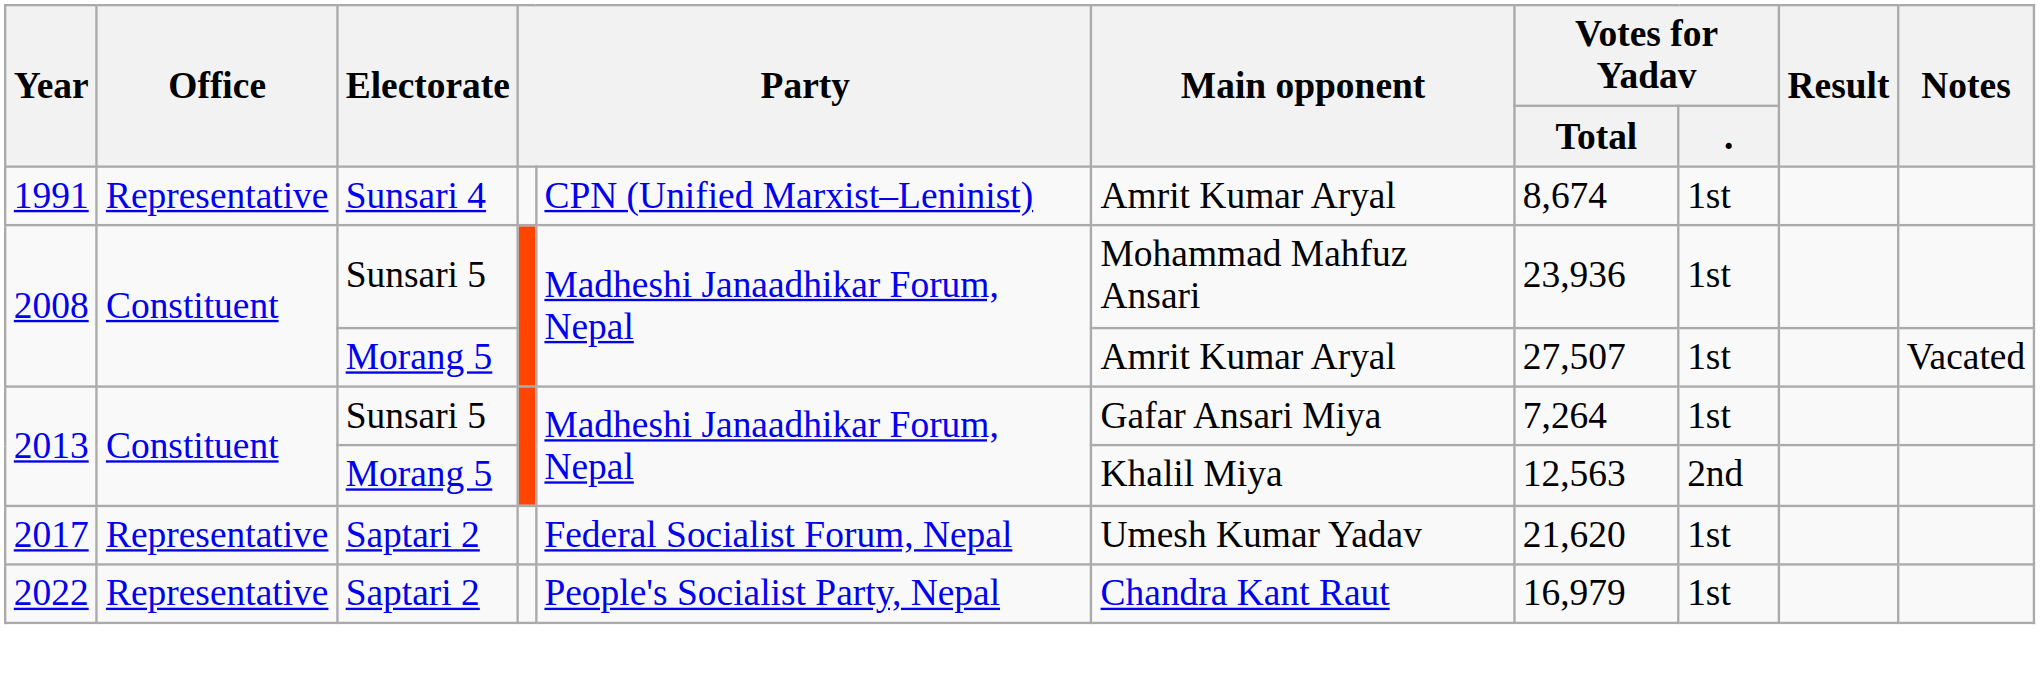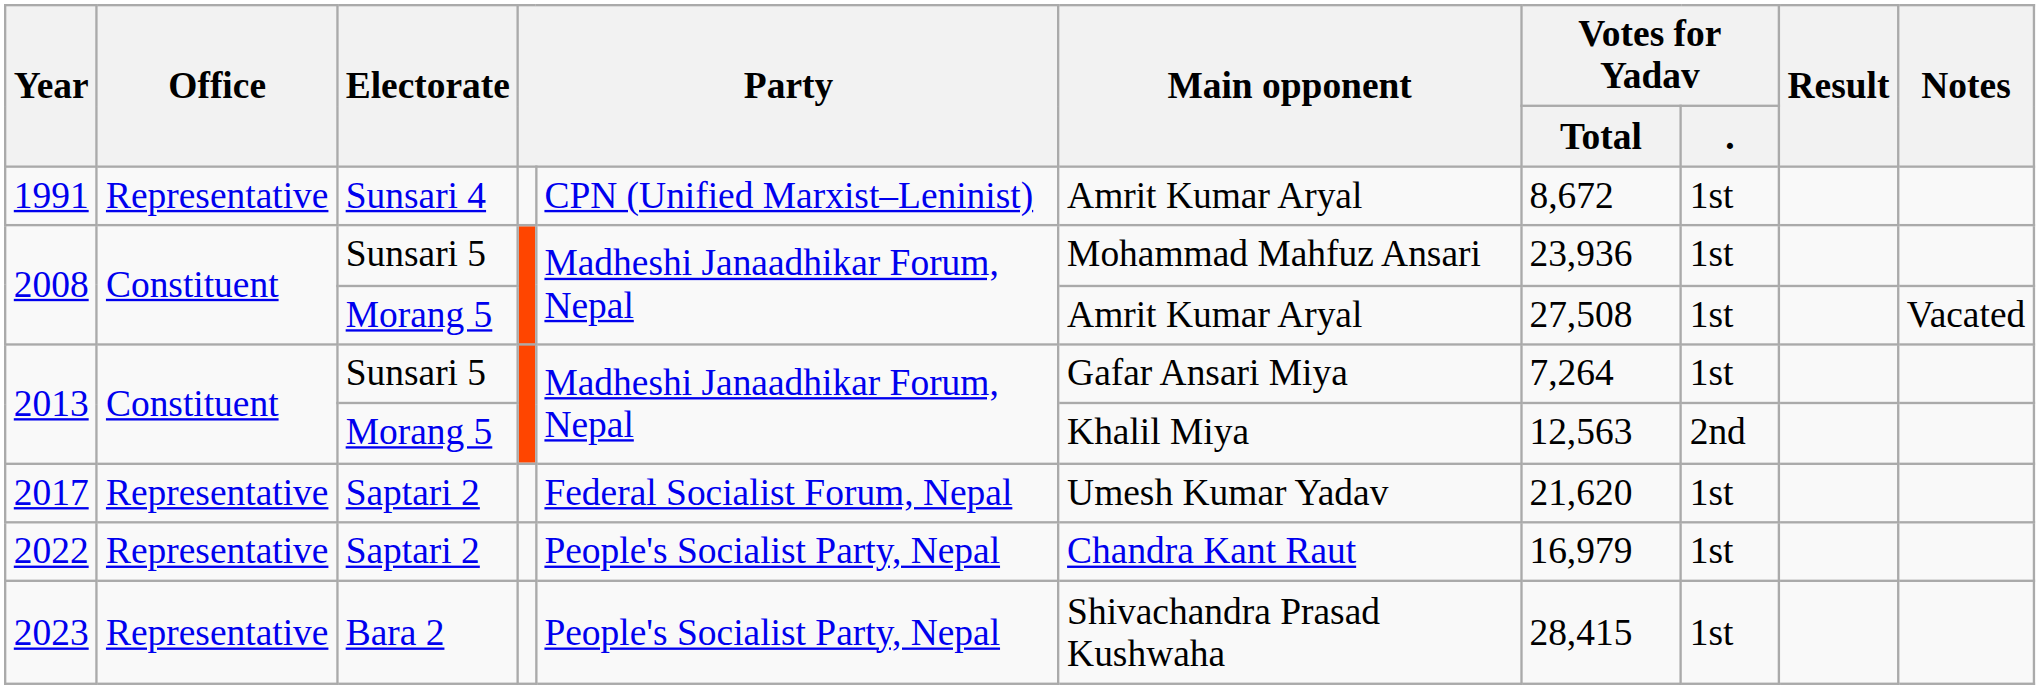 <table class="wikitable">
 <tr>
 <th rowspan="2">Year</th>
 <th rowspan="2">Office</th>
 <th rowspan="2">Electorate</th>
 <th colspan="2" rowspan="2">Party</th>
 <th rowspan="2">Main opponent</th>
 <th colspan="2">Votes for Yadav</th>
 <th rowspan="2">Result</th>
 <th rowspan="2">Notes</th>
 </tr>
 <tr>
 <th>Total</th>
 <th>.</th>
 </tr>
 <tr>
 <td><a href='#'>1991</a></td>
 <td><a href='#'>Representative</a></td>
 <td><a href='#'>Sunsari 4</a></td>
 <td style="background-color:"><br></td>
 <td><a href='#'>CPN (Unified Marxist–Leninist)</a></td>
 <td>Amrit Kumar Aryal</td>
-<td>8,674</td>
+<td>8,672</td>
 <td>1st</td>
 <td></td>
 <td></td>
 </tr>
 <tr>
 <td rowspan="2"><a href='#'>2008</a></td>
 <td rowspan="2"><a href='#'>Constituent</a></td>
 <td>Sunsari 5</td>
 <td rowspan="2" style="background-color:orangered;"><br></td>
 <td rowspan="2"><a href='#'>Madheshi Janaadhikar Forum, Nepal</a></td>
 <td>Mohammad Mahfuz Ansari</td>
 <td>23,936</td>
 <td>1st</td>
 <td></td>
 <td></td>
 </tr>
 <tr>
 <td><a href='#'>Morang 5</a></td>
 <td>Amrit Kumar Aryal</td>
-<td>27,507</td>
+<td>27,508</td>
 <td>1st</td>
 <td></td>
 <td>Vacated</td>
 </tr>
 <tr>
 <td rowspan="2"><a href='#'>2013</a></td>
 <td rowspan="2"><a href='#'>Constituent</a></td>
 <td>Sunsari 5</td>
 <td rowspan="2" style="background-color:orangered;"><br></td>
 <td rowspan="2"><a href='#'>Madheshi Janaadhikar Forum, Nepal</a></td>
 <td>Gafar Ansari Miya</td>
 <td>7,264</td>
 <td>1st</td>
 <td></td>
 <td></td>
 </tr>
 <tr>
 <td><a href='#'>Morang 5</a></td>
 <td>Khalil Miya</td>
 <td>12,563</td>
 <td>2nd</td>
 <td></td>
 <td></td>
 </tr>
 <tr>
 <td><a href='#'>2017</a></td>
 <td><a href='#'>Representative</a></td>
 <td><a href='#'>Saptari 2</a></td>
 <td></td>
 <td><a href='#'>Federal Socialist Forum, Nepal</a></td>
 <td>Umesh Kumar Yadav</td>
 <td>21,620</td>
 <td>1st</td>
 <td></td>
 <td></td>
 </tr>
 <tr>
 <td><a href='#'>2022</a></td>
 <td><a href='#'>Representative</a></td>
 <td><a href='#'>Saptari 2</a></td>
 <td></td>
 <td><a href='#'>People's Socialist Party, Nepal</a></td>
 <td><a href='#'>Chandra Kant Raut</a></td>
 <td>16,979</td>
 <td>1st</td>
 <td></td>
 <td></td>
 </tr>
+<tr>
+<td><a href='#'>2023</a></td>
+<td><a href='#'>Representative</a></td>
+<td><a href='#'>Bara 2</a></td>
+<td></td>
+<td><a href='#'>People's Socialist Party, Nepal</a></td>
+<td>Shivachandra Prasad Kushwaha</td>
+<td>28,415</td>
+<td>1st</td>
+<td></td>
+<td></td>
+</tr>
 </table>
